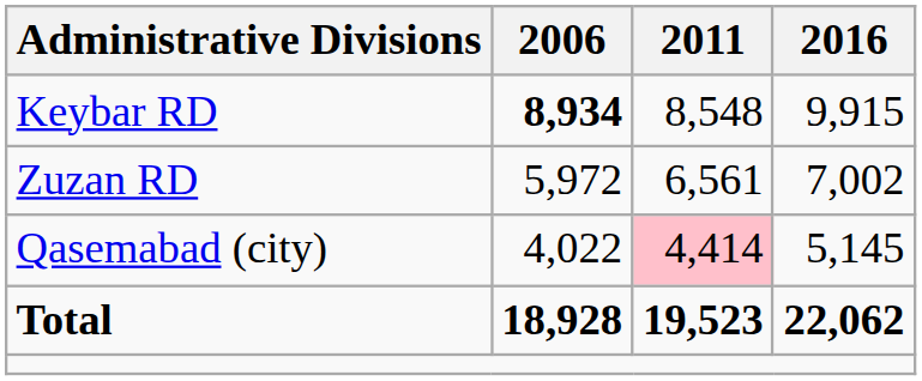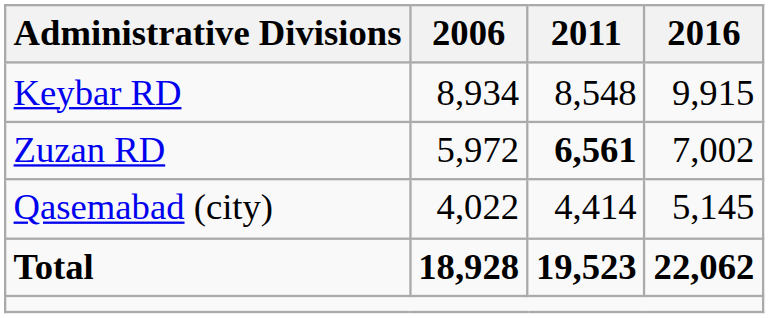 <table class="wikitable">
 <tr>
 <th>Administrative Divisions</th>
 <th>2006</th>
 <th>2011</th>
 <th>2016</th>
 </tr>
 <tr>
 <td><a href='#'>Keybar RD</a></td>
-<td style="text-align: right;"><strong>8,934</strong></td>
+<td style="text-align: right;">8,934</td>
 <td style="text-align: right;">8,548</td>
 <td style="text-align: right;">9,915</td>
 </tr>
 <tr>
 <td><a href='#'>Zuzan RD</a></td>
 <td style="text-align: right;">5,972</td>
-<td style="text-align: right;">6,561</td>
+<td style="text-align: right;"><strong>6,561</strong></td>
 <td style="text-align: right;">7,002</td>
 </tr>
 <tr>
 <td><a href='#'>Qasemabad</a> (city)</td>
 <td style="text-align: right;">4,022</td>
-<td style="background: pink; text-align: right;">4,414</td>
+<td style="text-align: right;">4,414</td>
 <td style="text-align: right;">5,145</td>
 </tr>
 <tr>
 <td><strong>Total</strong></td>
 <td style="text-align: right;"><strong>18,928</strong></td>
 <td style="text-align: right;"><strong>19,523</strong></td>
 <td style="text-align: right;"><strong>22,062</strong></td>
 </tr>
 <tr>
 <td colspan=4></td>
 </tr>
 </table>
